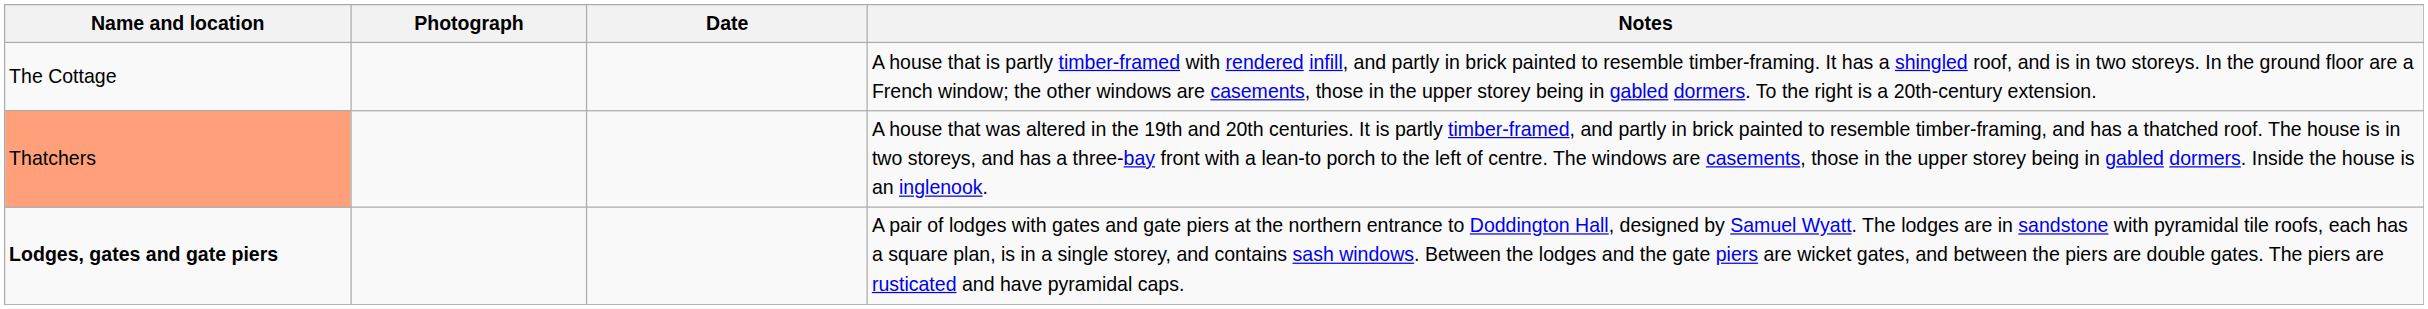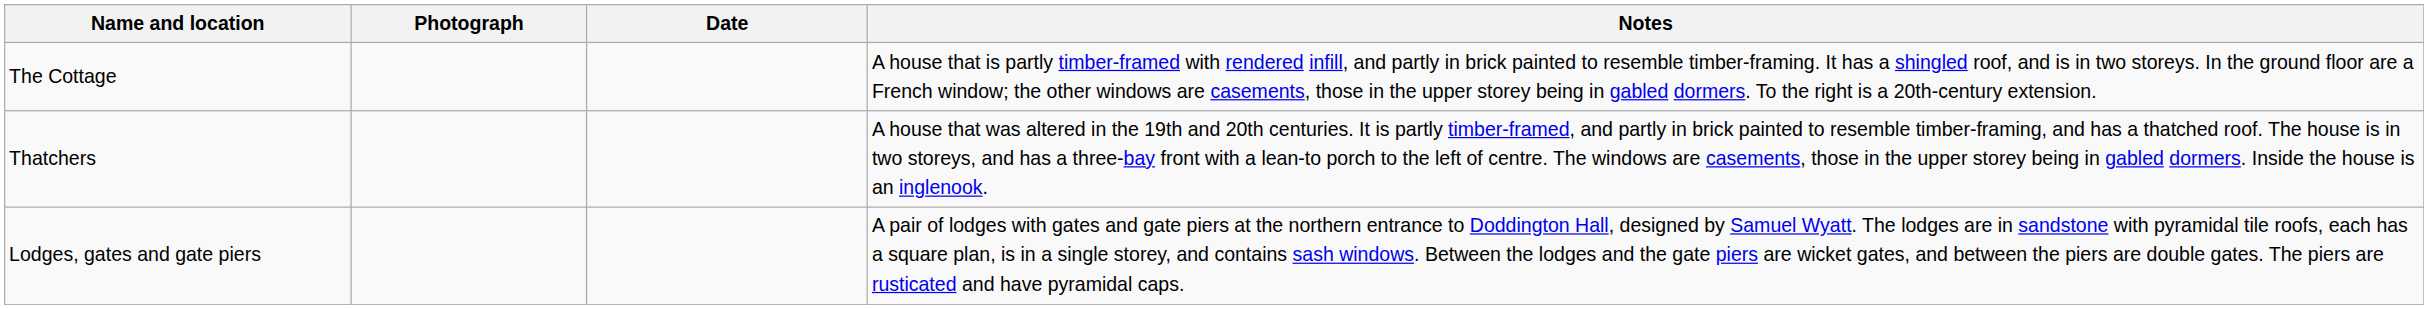 <table class="wikitable sortable plainrowheaders" style="width:100%;border:0px;text-align:left;line-height:150%;">
 <tr>
 <th scope="col"  style="width:150px">Name and location</th>
 <th scope="col"  style="width:100px" class="unsortable">Photograph</th>
 <th scope="col"  style="width:120px">Date</th>
 <th scope="col"  style="width:700px" class="unsortable">Notes</th>
 </tr>
 <tr>
 <td>The Cottage<br><small></small></td>
 <td></td>
 <td align="center"></td>
 <td>A house that is partly <a href='#'>timber-framed</a> with <a href='#'>rendered</a> <a href='#'>infill</a>, and partly in brick painted to resemble timber-framing.  It has a <a href='#'>shingled</a> roof, and is in two storeys.  In the ground floor are a French window; the other windows are <a href='#'>casements</a>, those in the upper storey being in <a href='#'>gabled</a> <a href='#'>dormers</a>.  To the right is a 20th-century extension.</td>
 </tr>
 <tr>
-<td style="background: lightsalmon;">Thatchers<br><small></small></td>
+<td>Thatchers<br><small></small></td>
 <td></td>
 <td align="center"></td>
 <td>A house that was altered in the 19th and 20th centuries.  It is partly <a href='#'>timber-framed</a>, and partly in brick painted to resemble timber-framing, and has a thatched roof.  The house is in two storeys, and has a three-<a href='#'>bay</a> front with a lean-to porch to the left of centre.  The windows are <a href='#'>casements</a>, those in the upper storey being in <a href='#'>gabled</a> <a href='#'>dormers</a>.  Inside the house is an <a href='#'>inglenook</a>.</td>
 </tr>
 <tr>
-<td><strong>Lodges, gates and gate piers<br><small></small></strong></td>
+<td>Lodges, gates and gate piers<br><small></small></td>
 <td></td>
 <td align="center"></td>
 <td>A pair of lodges with gates and gate piers at the northern entrance to <a href='#'>Doddington Hall</a>, designed by <a href='#'>Samuel Wyatt</a>.  The lodges are in <a href='#'>sandstone</a> with pyramidal tile roofs, each has a square plan, is in a single storey, and contains <a href='#'>sash windows</a>.  Between the lodges and the gate <a href='#'>piers</a> are wicket gates, and between the piers are double gates.  The piers are <a href='#'>rusticated</a> and have pyramidal caps.</td>
 </tr>
 <tr>
 </tr>
 </table>
